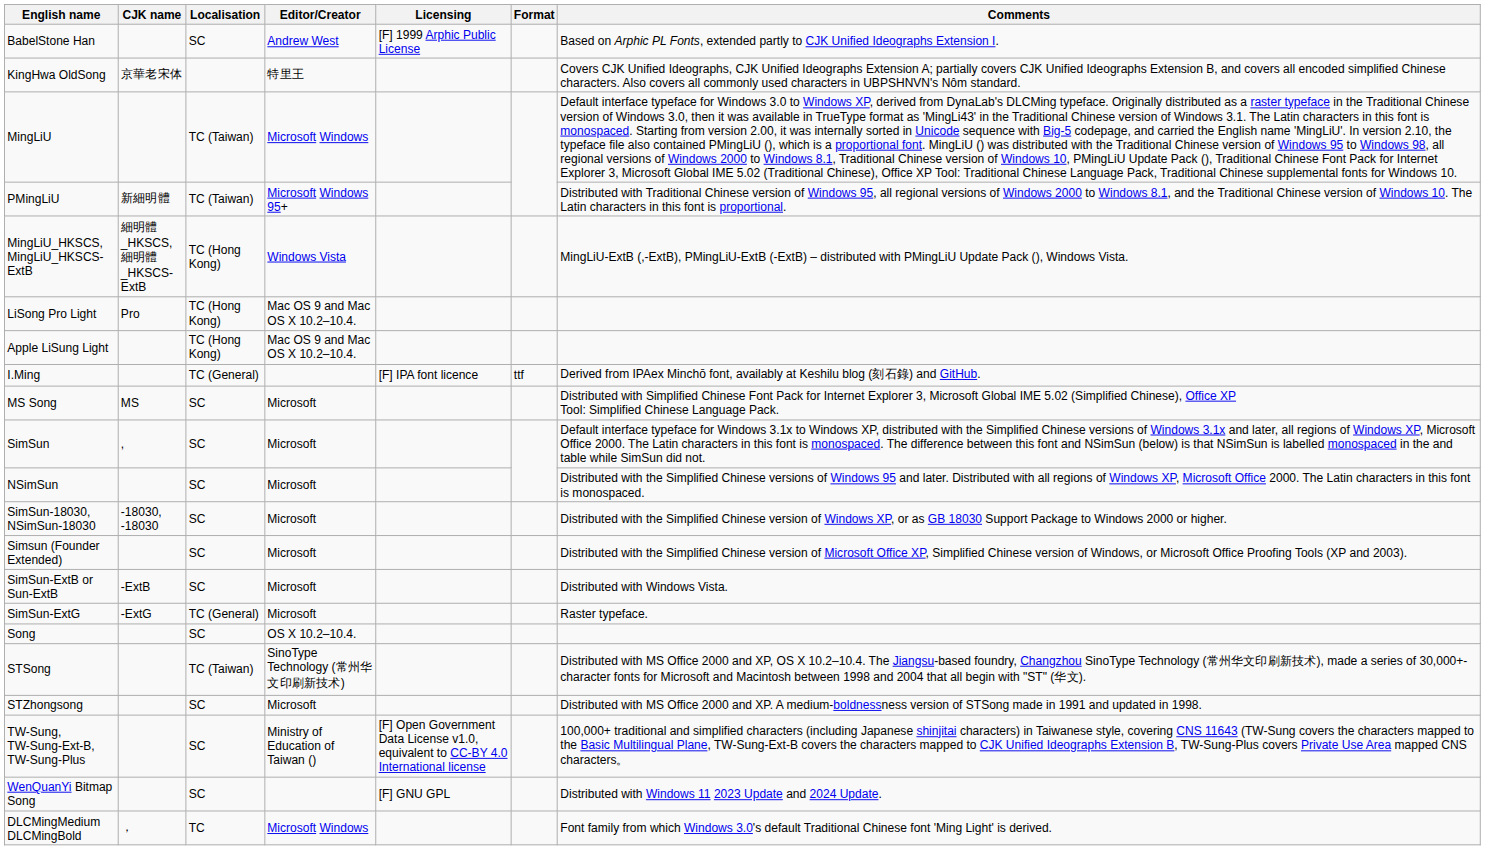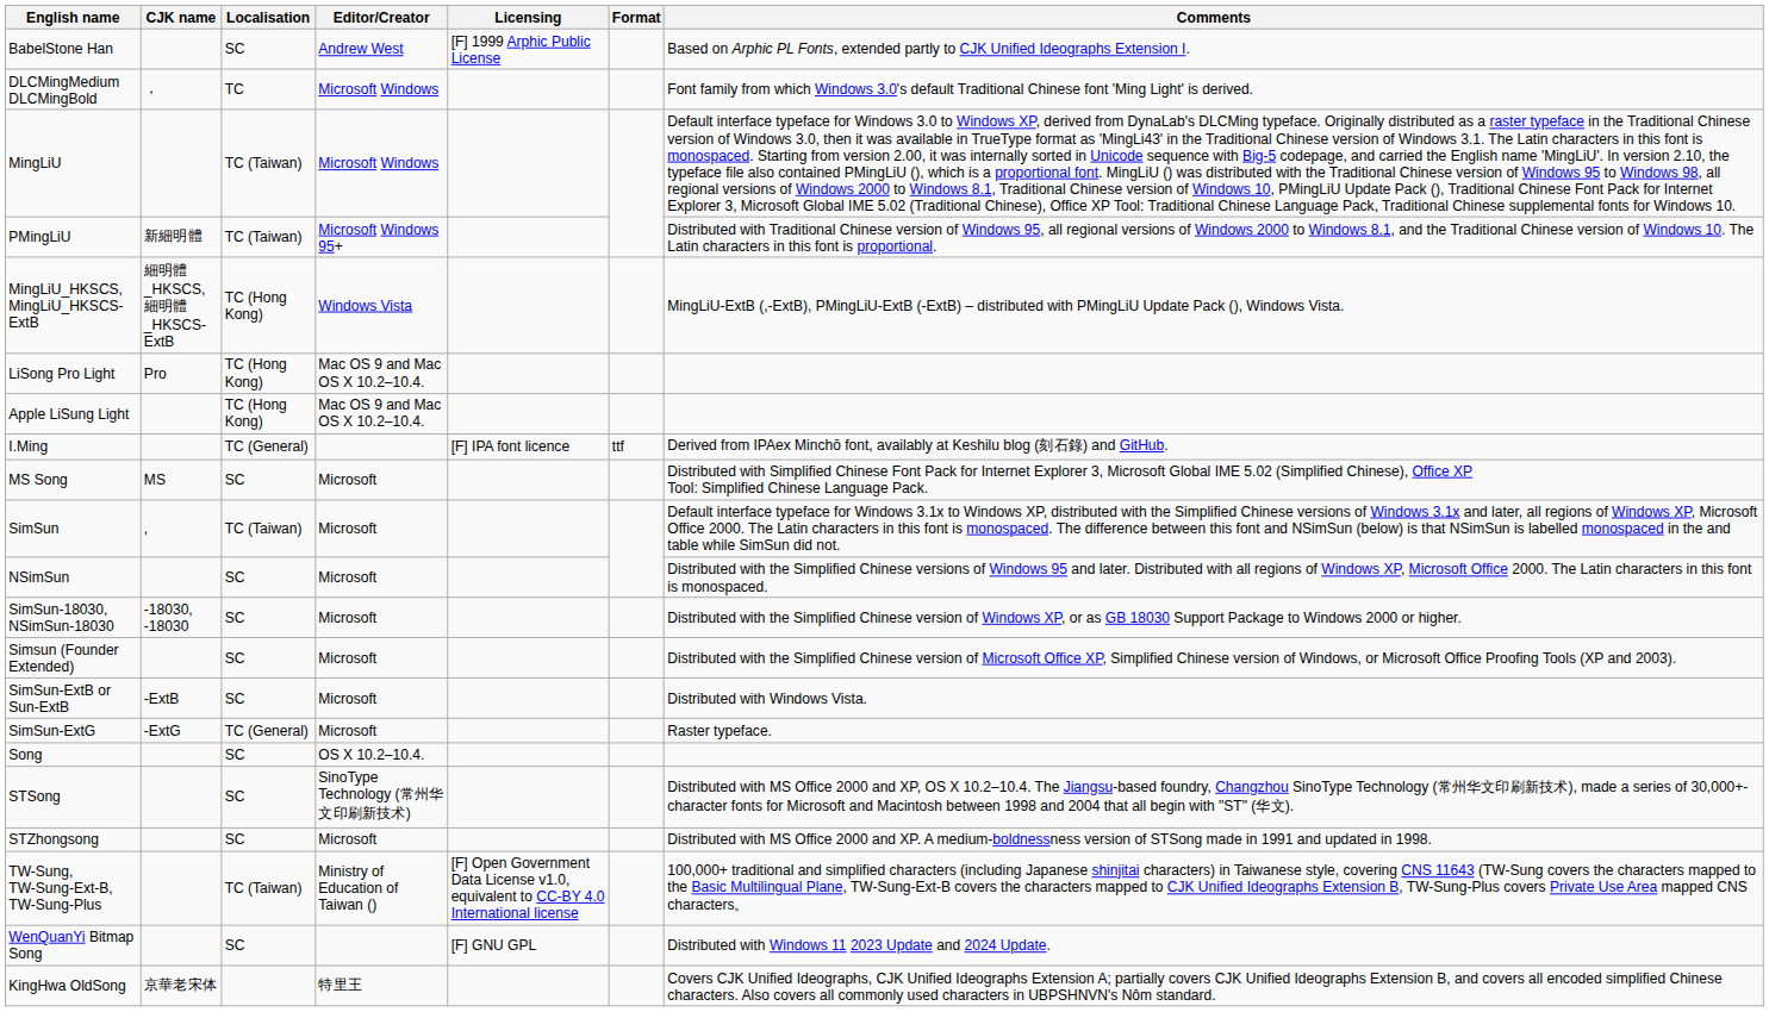 <table class="wikitable sortable" style="font-size: 0.8em;">
 <tr>
 <th>English name</th>
 <th>CJK name</th>
 <th>Localisation</th>
 <th>Editor/Creator</th>
 <th>Licensing</th>
 <th>Format</th>
 <th>Comments</th>
 </tr>
 <tr>
 <td>BabelStone Han</td>
 <td></td>
 <td>SC</td>
 <td><a href='#'>Andrew West</a></td>
 <td><span>[F]</span> 1999 <a href='#'>Arphic Public License</a></td>
 <td></td>
 <td>Based on <em>Arphic PL Fonts</em>, extended partly to <a href='#'>CJK Unified Ideographs Extension I</a>.</td>
 </tr>
 <tr>
-<td>KingHwa OldSong</td>
-<td>京華老宋体</td>
-<td></td>
-<td>特里王</td>
+<td>DLCMingMedium<br>DLCMingBold</td>
+<td>，</td>
+<td>TC</td>
+<td><a href='#'>Microsoft</a> <a href='#'>Windows</a></td>
 <td></td>
 <td></td>
-<td>Covers CJK Unified Ideographs, CJK Unified Ideographs Extension A; partially covers CJK Unified Ideographs Extension B, and covers all encoded simplified Chinese characters. Also covers all commonly used characters in UBPSHNVN's Nôm standard.</td>
+<td>Font family from which <a href='#'>Windows 3.0</a>'s default Traditional Chinese font 'Ming Light' is derived.</td>
 </tr>
 <tr>
 <td>MingLiU</td>
 <td></td>
 <td>TC (Taiwan)</td>
 <td><a href='#'>Microsoft</a> <a href='#'>Windows</a></td>
 <td></td>
 <td rowspan="2"></td>
 <td>Default interface typeface for Windows 3.0 to <a href='#'>Windows XP</a>, derived from DynaLab's DLCMing typeface.  Originally distributed as a <a href='#'>raster typeface</a> in the Traditional Chinese version of Windows 3.0, then it was available in TrueType format as 'MingLi43' in the Traditional Chinese version of Windows 3.1. The Latin characters in this font is <a href='#'>monospaced</a>. Starting from version 2.00, it was internally sorted in <a href='#'>Unicode</a> sequence with <a href='#'>Big-5</a> codepage, and carried the English name 'MingLiU'. In version 2.10, the typeface file also contained PMingLiU (), which is a <a href='#'>proportional font</a>. MingLiU () was distributed with the Traditional Chinese version of <a href='#'>Windows 95</a> to <a href='#'>Windows 98</a>, all regional versions of <a href='#'>Windows 2000</a> to <a href='#'>Windows 8.1</a>, Traditional Chinese version of <a href='#'>Windows 10</a>, PMingLiU Update Pack (), Traditional Chinese Font Pack for Internet Explorer 3, Microsoft Global IME 5.02 (Traditional Chinese), Office XP Tool: Traditional Chinese Language Pack, Traditional Chinese supplemental fonts for Windows 10.</td>
 </tr>
 <tr>
 <td>PMingLiU</td>
 <td>新細明體</td>
 <td>TC (Taiwan)</td>
 <td><a href='#'>Microsoft</a> <a href='#'>Windows 95</a>+</td>
 <td></td>
 <td>Distributed with Traditional Chinese version of <a href='#'>Windows 95</a>, all regional versions of <a href='#'>Windows 2000</a> to <a href='#'>Windows 8.1</a>, and the Traditional Chinese version of <a href='#'>Windows 10</a>. The Latin characters in this font is <a href='#'>proportional</a>.</td>
 </tr>
 <tr>
 <td>MingLiU_HKSCS,<br>MingLiU_HKSCS-ExtB</td>
 <td>細明體_HKSCS,<br>細明體_HKSCS-ExtB</td>
 <td>TC (Hong Kong)</td>
 <td><a href='#'>Windows Vista</a></td>
 <td></td>
 <td></td>
 <td>MingLiU-ExtB (,-ExtB), PMingLiU-ExtB (-ExtB) – distributed with PMingLiU Update Pack (), Windows Vista.</td>
 </tr>
 <tr>
 <td>LiSong Pro Light</td>
 <td> Pro</td>
 <td>TC (Hong Kong)</td>
 <td>Mac OS 9 and Mac OS X 10.2–10.4.</td>
 <td></td>
 <td></td>
 <td></td>
 </tr>
 <tr>
 <td>Apple LiSung Light</td>
 <td></td>
 <td>TC (Hong Kong)</td>
 <td>Mac OS 9 and Mac OS X 10.2–10.4.</td>
 <td></td>
 <td></td>
 <td></td>
 </tr>
 <tr>
 <td>I.Ming</td>
 <td></td>
 <td>TC (General)</td>
 <td></td>
 <td><span>[F]</span> IPA font licence</td>
 <td>ttf</td>
 <td>Derived from IPAex Minchō font, availably at Keshilu blog (刻石錄) and <a href='#'>GitHub</a>.</td>
 </tr>
 <tr>
 <td>MS Song</td>
 <td>MS</td>
 <td>SC</td>
 <td>Microsoft</td>
 <td></td>
 <td></td>
 <td>Distributed with Simplified Chinese Font Pack for Internet Explorer 3, Microsoft Global IME 5.02 (Simplified Chinese), <a href='#'>Office XP</a><br>Tool: Simplified Chinese Language Pack.</td>
 </tr>
 <tr>
 <td>SimSun</td>
 <td>,</td>
-<td>SC</td>
+<td>TC (Taiwan)</td>
 <td>Microsoft</td>
 <td></td>
 <td rowspan="2"></td>
 <td>Default interface typeface for Windows 3.1x to Windows XP, distributed with the Simplified Chinese versions of <a href='#'>Windows 3.1x</a> and later, all regions of <a href='#'>Windows XP</a>, Microsoft Office 2000. The Latin characters in this font is <a href='#'>monospaced</a>. The difference between this font and NSimSun (below) is that NSimSun is labelled <a href='#'>monospaced</a> in the  and  table while SimSun did not.</td>
 </tr>
 <tr>
 <td>NSimSun</td>
 <td></td>
 <td>SC</td>
 <td>Microsoft</td>
 <td></td>
 <td>Distributed with the Simplified Chinese versions of <a href='#'>Windows 95</a> and later. Distributed with all regions of <a href='#'>Windows XP</a>, <a href='#'>Microsoft Office</a> 2000. The Latin characters in this font is monospaced.</td>
 </tr>
 <tr>
 <td>SimSun-18030,<br>NSimSun-18030</td>
 <td>-18030,<br>-18030</td>
 <td>SC</td>
 <td>Microsoft</td>
 <td></td>
 <td></td>
 <td>Distributed with the Simplified Chinese version of <a href='#'>Windows XP</a>, or as <a href='#'>GB 18030</a> Support Package to Windows 2000 or higher.</td>
 </tr>
 <tr>
 <td>Simsun (Founder Extended)</td>
 <td></td>
 <td>SC</td>
 <td>Microsoft</td>
 <td></td>
 <td></td>
 <td>Distributed with the Simplified Chinese version of <a href='#'>Microsoft Office XP</a>, Simplified Chinese version of Windows, or Microsoft Office Proofing Tools (XP and 2003).</td>
 </tr>
 <tr>
 <td>SimSun-ExtB or Sun-ExtB</td>
 <td>-ExtB</td>
 <td>SC</td>
 <td>Microsoft</td>
 <td></td>
 <td></td>
 <td>Distributed with Windows Vista.</td>
 </tr>
 <tr>
 <td>SimSun-ExtG</td>
 <td>-ExtG</td>
 <td>TC (General)</td>
 <td>Microsoft</td>
 <td></td>
 <td></td>
 <td>Raster typeface.</td>
 </tr>
 <tr>
 <td>Song</td>
 <td></td>
 <td>SC</td>
 <td>OS X 10.2–10.4.</td>
 <td></td>
 <td></td>
 <td></td>
 </tr>
 <tr>
 <td>STSong</td>
 <td></td>
-<td>TC (Taiwan)</td>
+<td>SC</td>
 <td>SinoType Technology (常州华文印刷新技术)</td>
 <td></td>
 <td></td>
 <td>Distributed with MS Office 2000 and XP, OS X 10.2–10.4. The <a href='#'>Jiangsu</a>-based foundry, <a href='#'>Changzhou</a> SinoType Technology (常州华文印刷新技术), made a series of 30,000+-character fonts for Microsoft and Macintosh between 1998 and 2004 that all begin with "ST" (华文).</td>
 </tr>
 <tr>
 <td>STZhongsong</td>
 <td></td>
 <td>SC</td>
 <td>Microsoft</td>
 <td></td>
 <td></td>
 <td>Distributed with MS Office 2000 and XP. A medium-<a href='#'>boldness</a>ness version of STSong made in 1991 and updated in 1998.</td>
 </tr>
 <tr>
 <td>TW-Sung,<br>TW-Sung-Ext-B, TW-Sung-Plus</td>
 <td></td>
-<td>SC</td>
+<td>TC (Taiwan)</td>
 <td>Ministry of Education of Taiwan ()</td>
 <td><span>[F]</span> Open Government Data License v1.0, equivalent to <a href='#'>CC-BY 4.0 International license</a></td>
 <td></td>
 <td>100,000+ traditional and simplified characters (including Japanese <a href='#'>shinjitai</a> characters) in Taiwanese style, covering <a href='#'>CNS 11643</a> (TW-Sung covers the characters mapped to the <a href='#'>Basic Multilingual Plane</a>, TW-Sung-Ext-B covers the characters mapped to <a href='#'>CJK Unified Ideographs Extension B</a>, TW-Sung-Plus covers <a href='#'>Private Use Area</a> mapped CNS characters。</td>
 </tr>
 <tr>
 <td><a href='#'>WenQuanYi</a> Bitmap Song</td>
 <td></td>
 <td>SC</td>
 <td></td>
 <td><span>[F]</span> GNU GPL</td>
 <td></td>
 <td>Distributed with <a href='#'>Windows 11</a> <a href='#'>2023 Update</a> and <a href='#'>2024 Update</a>.</td>
 </tr>
 <tr>
-<td>DLCMingMedium<br>DLCMingBold</td>
-<td>，</td>
-<td>TC</td>
-<td><a href='#'>Microsoft</a> <a href='#'>Windows</a></td>
+<td>KingHwa OldSong</td>
+<td>京華老宋体</td>
+<td></td>
+<td>特里王</td>
 <td></td>
 <td></td>
-<td>Font family from which <a href='#'>Windows 3.0</a>'s default Traditional Chinese font 'Ming Light' is derived.</td>
+<td>Covers CJK Unified Ideographs, CJK Unified Ideographs Extension A; partially covers CJK Unified Ideographs Extension B, and covers all encoded simplified Chinese characters. Also covers all commonly used characters in UBPSHNVN's Nôm standard.</td>
 </tr>
 </table>
